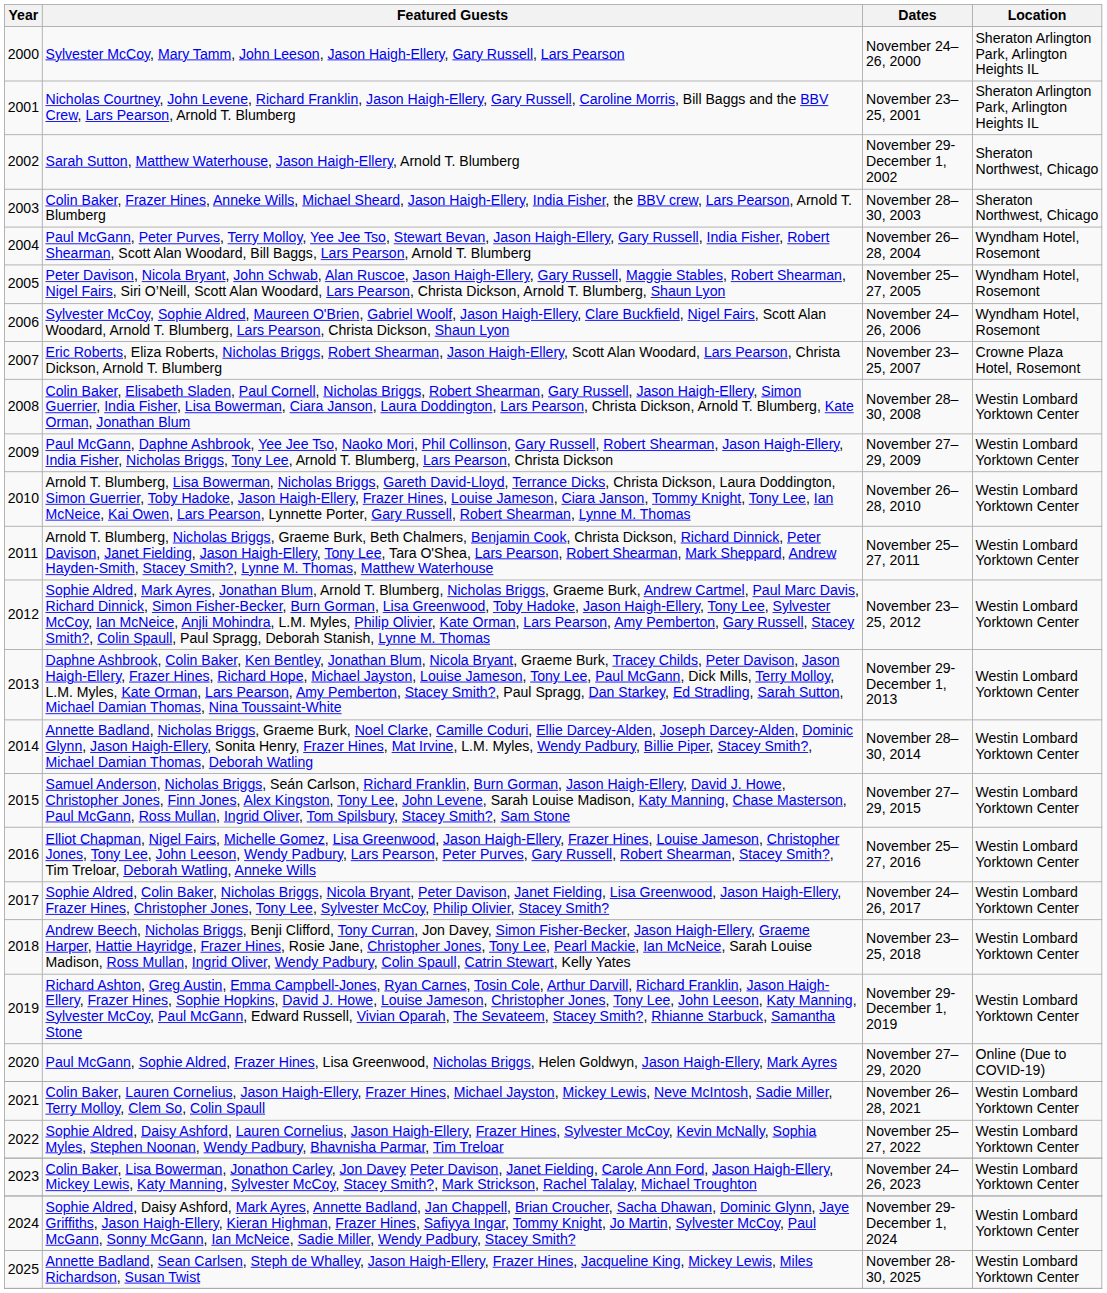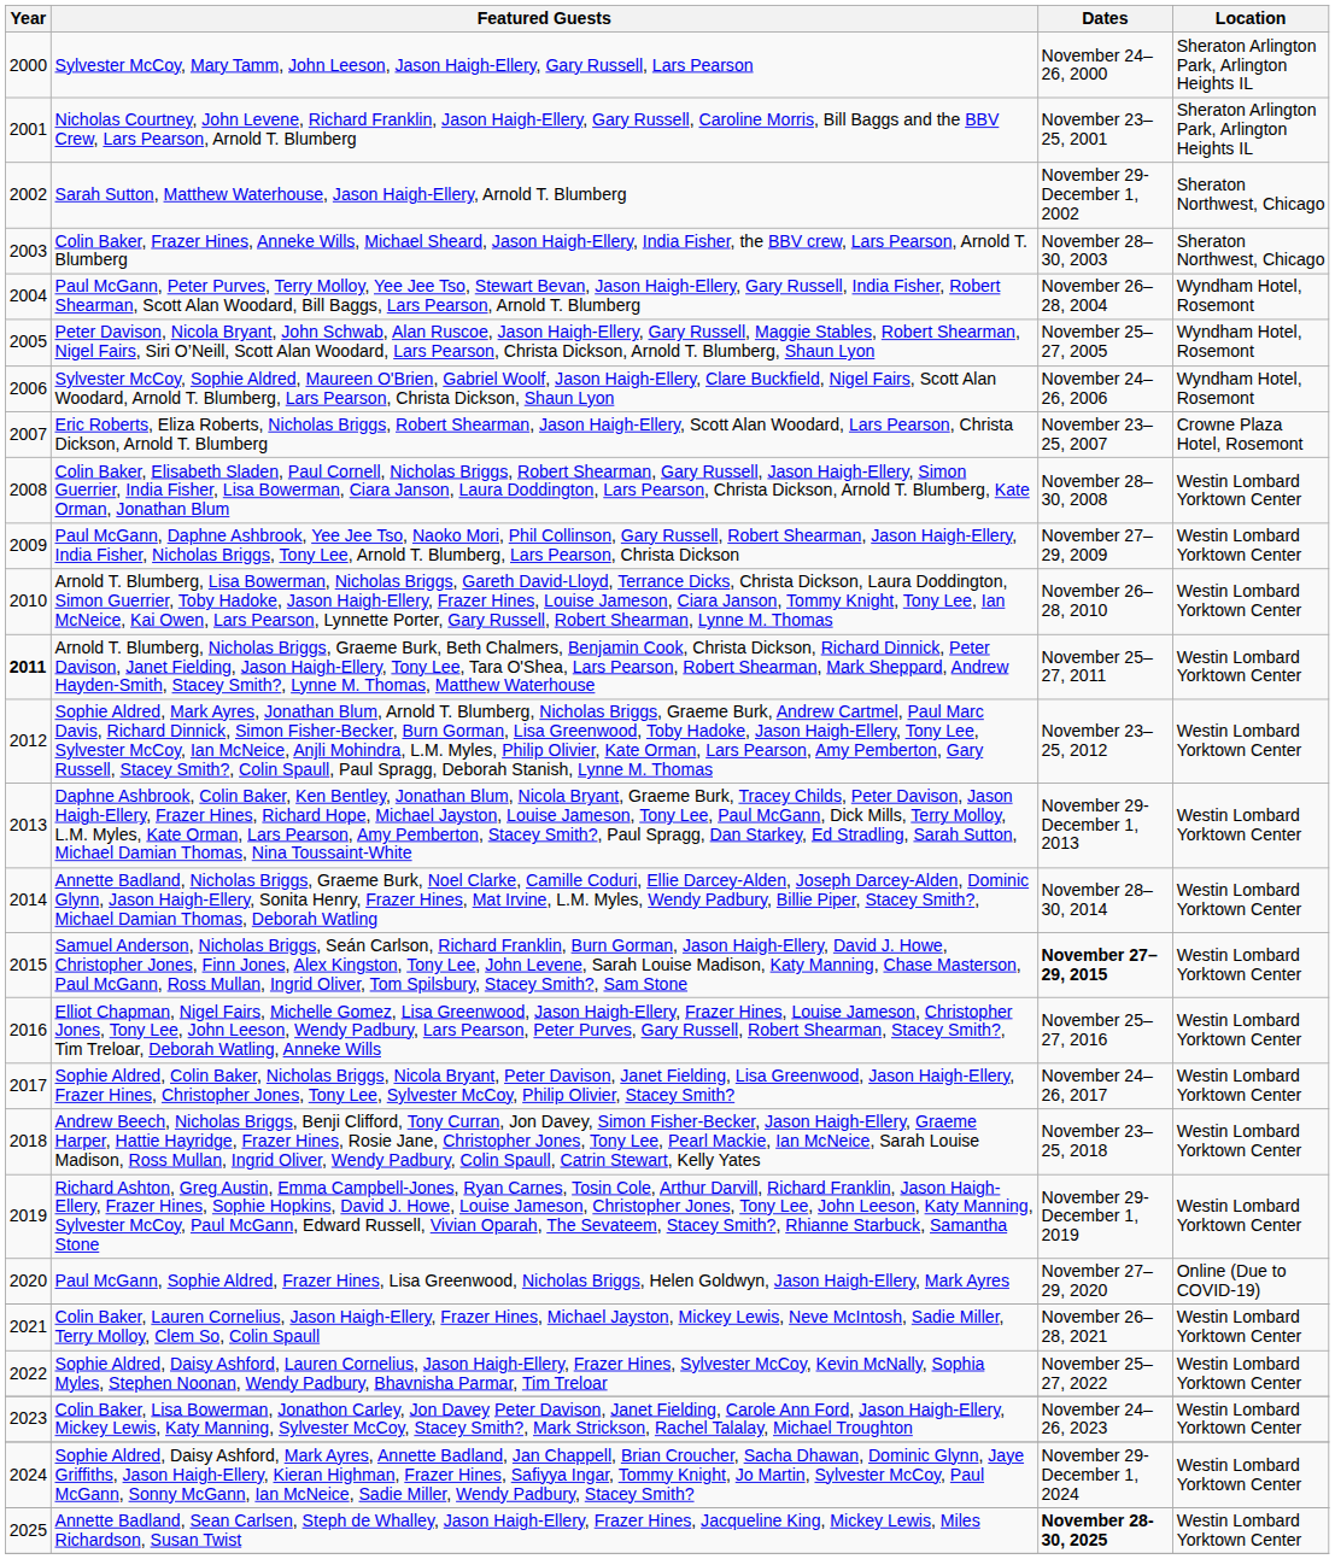 <table class="wikitable sortable">
 <tr>
 <th>Year</th>
 <th>Featured Guests</th>
 <th>Dates</th>
 <th>Location</th>
 </tr>
 <tr>
 <td>2000</td>
 <td><a href='#'>Sylvester McCoy</a>, <a href='#'>Mary Tamm</a>, <a href='#'>John Leeson</a>, <a href='#'>Jason Haigh-Ellery</a>, <a href='#'>Gary Russell</a>, <a href='#'>Lars Pearson</a></td>
 <td>November 24–26, 2000</td>
 <td>Sheraton Arlington Park, Arlington Heights IL</td>
 </tr>
 <tr>
 <td>2001</td>
 <td><a href='#'>Nicholas Courtney</a>, <a href='#'>John Levene</a>, <a href='#'>Richard Franklin</a>, <a href='#'>Jason Haigh-Ellery</a>, <a href='#'>Gary Russell</a>, <a href='#'>Caroline Morris</a>, Bill Baggs and the <a href='#'>BBV Crew</a>, <a href='#'>Lars Pearson</a>, Arnold T. Blumberg</td>
 <td>November 23–25, 2001</td>
 <td>Sheraton Arlington Park, Arlington Heights IL</td>
 </tr>
 <tr>
 <td>2002</td>
 <td><a href='#'>Sarah Sutton</a>, <a href='#'>Matthew Waterhouse</a>, <a href='#'>Jason Haigh-Ellery</a>, Arnold T. Blumberg</td>
 <td>November 29- December 1, 2002</td>
 <td>Sheraton Northwest, Chicago</td>
 </tr>
 <tr>
 <td>2003</td>
 <td><a href='#'>Colin Baker</a>, <a href='#'>Frazer Hines</a>, <a href='#'>Anneke Wills</a>, <a href='#'>Michael Sheard</a>, <a href='#'>Jason Haigh-Ellery</a>, <a href='#'>India Fisher</a>, the <a href='#'>BBV crew</a>, <a href='#'>Lars Pearson</a>, Arnold T. Blumberg</td>
 <td>November 28–30, 2003</td>
 <td>Sheraton Northwest, Chicago</td>
 </tr>
 <tr>
 <td>2004</td>
 <td><a href='#'>Paul McGann</a>, <a href='#'>Peter Purves</a>, <a href='#'>Terry Molloy</a>, <a href='#'>Yee Jee Tso</a>, <a href='#'>Stewart Bevan</a>, <a href='#'>Jason Haigh-Ellery</a>, <a href='#'>Gary Russell</a>, <a href='#'>India Fisher</a>, <a href='#'>Robert Shearman</a>, Scott Alan Woodard, Bill Baggs, <a href='#'>Lars Pearson</a>, Arnold T. Blumberg</td>
 <td>November 26–28, 2004</td>
 <td>Wyndham Hotel, Rosemont</td>
 </tr>
 <tr>
 <td>2005</td>
 <td><a href='#'>Peter Davison</a>, <a href='#'>Nicola Bryant</a>, <a href='#'>John Schwab</a>, <a href='#'>Alan Ruscoe</a>, <a href='#'>Jason Haigh-Ellery</a>, <a href='#'>Gary Russell</a>, <a href='#'>Maggie Stables</a>, <a href='#'>Robert Shearman</a>, <a href='#'>Nigel Fairs</a>, Siri O’Neill, Scott Alan Woodard, <a href='#'>Lars Pearson</a>, Christa Dickson, Arnold T. Blumberg, <a href='#'>Shaun Lyon</a></td>
 <td>November 25–27, 2005</td>
 <td>Wyndham Hotel, Rosemont</td>
 </tr>
 <tr>
 <td>2006</td>
 <td><a href='#'>Sylvester McCoy</a>, <a href='#'>Sophie Aldred</a>, <a href='#'>Maureen O'Brien</a>, <a href='#'>Gabriel Woolf</a>, <a href='#'>Jason Haigh-Ellery</a>, <a href='#'>Clare Buckfield</a>, <a href='#'>Nigel Fairs</a>, Scott Alan Woodard, Arnold T. Blumberg, <a href='#'>Lars Pearson</a>, Christa Dickson, <a href='#'>Shaun Lyon</a></td>
 <td>November 24–26, 2006</td>
 <td>Wyndham Hotel, Rosemont</td>
 </tr>
 <tr>
 <td>2007</td>
 <td><a href='#'>Eric Roberts</a>, Eliza Roberts, <a href='#'>Nicholas Briggs</a>, <a href='#'>Robert Shearman</a>, <a href='#'>Jason Haigh-Ellery</a>, Scott Alan Woodard, <a href='#'>Lars Pearson</a>, Christa Dickson, Arnold T. Blumberg</td>
 <td>November 23–25, 2007</td>
 <td>Crowne Plaza Hotel, Rosemont</td>
 </tr>
 <tr>
 <td>2008</td>
 <td><a href='#'>Colin Baker</a>, <a href='#'>Elisabeth Sladen</a>, <a href='#'>Paul Cornell</a>, <a href='#'>Nicholas Briggs</a>, <a href='#'>Robert Shearman</a>, <a href='#'>Gary Russell</a>, <a href='#'>Jason Haigh-Ellery</a>, <a href='#'>Simon Guerrier</a>, <a href='#'>India Fisher</a>, <a href='#'>Lisa Bowerman</a>, <a href='#'>Ciara Janson</a>, <a href='#'>Laura Doddington</a>, <a href='#'>Lars Pearson</a>, Christa Dickson, Arnold T. Blumberg, <a href='#'>Kate Orman</a>, <a href='#'>Jonathan Blum</a></td>
 <td>November 28–30, 2008</td>
 <td>Westin Lombard Yorktown Center</td>
 </tr>
 <tr>
 <td>2009</td>
 <td><a href='#'>Paul McGann</a>, <a href='#'>Daphne Ashbrook</a>, <a href='#'>Yee Jee Tso</a>, <a href='#'>Naoko Mori</a>, <a href='#'>Phil Collinson</a>, <a href='#'>Gary Russell</a>, <a href='#'>Robert Shearman</a>, <a href='#'>Jason Haigh-Ellery</a>, <a href='#'>India Fisher</a>, <a href='#'>Nicholas Briggs</a>, <a href='#'>Tony Lee</a>, Arnold T. Blumberg, <a href='#'>Lars Pearson</a>, Christa Dickson</td>
 <td>November 27–29, 2009</td>
 <td>Westin Lombard Yorktown Center</td>
 </tr>
 <tr>
 <td>2010</td>
 <td>Arnold T. Blumberg, <a href='#'>Lisa Bowerman</a>, <a href='#'>Nicholas Briggs</a>, <a href='#'>Gareth David-Lloyd</a>, <a href='#'>Terrance Dicks</a>, Christa Dickson, Laura Doddington, <a href='#'>Simon Guerrier</a>, <a href='#'>Toby Hadoke</a>, <a href='#'>Jason Haigh-Ellery</a>, <a href='#'>Frazer Hines</a>, <a href='#'>Louise Jameson</a>, <a href='#'>Ciara Janson</a>, <a href='#'>Tommy Knight</a>, <a href='#'>Tony Lee</a>, <a href='#'>Ian McNeice</a>, <a href='#'>Kai Owen</a>, <a href='#'>Lars Pearson</a>, Lynnette Porter, <a href='#'>Gary Russell</a>, <a href='#'>Robert Shearman</a>, <a href='#'>Lynne M. Thomas</a></td>
 <td>November 26–28, 2010</td>
 <td>Westin Lombard Yorktown Center</td>
 </tr>
 <tr>
-<td>2011</td>
+<td><strong>2011</strong></td>
 <td>Arnold T. Blumberg, <a href='#'>Nicholas Briggs</a>, Graeme Burk, Beth Chalmers, <a href='#'>Benjamin Cook</a>, Christa Dickson, <a href='#'>Richard Dinnick</a>, <a href='#'>Peter Davison</a>, <a href='#'>Janet Fielding</a>, <a href='#'>Jason Haigh-Ellery</a>, <a href='#'>Tony Lee</a>, Tara O'Shea, <a href='#'>Lars Pearson</a>, <a href='#'>Robert Shearman</a>, <a href='#'>Mark Sheppard</a>, <a href='#'>Andrew Hayden-Smith</a>, <a href='#'>Stacey Smith?</a>, <a href='#'>Lynne M. Thomas</a>, <a href='#'>Matthew Waterhouse</a></td>
 <td>November 25–27, 2011</td>
 <td>Westin Lombard Yorktown Center</td>
 </tr>
 <tr>
 <td>2012</td>
 <td><a href='#'>Sophie Aldred</a>, <a href='#'>Mark Ayres</a>, <a href='#'>Jonathan Blum</a>, Arnold T. Blumberg, <a href='#'>Nicholas Briggs</a>, Graeme Burk, <a href='#'>Andrew Cartmel</a>, <a href='#'>Paul Marc Davis</a>, <a href='#'>Richard Dinnick</a>, <a href='#'>Simon Fisher-Becker</a>, <a href='#'>Burn Gorman</a>, <a href='#'>Lisa Greenwood</a>, <a href='#'>Toby Hadoke</a>, <a href='#'>Jason Haigh-Ellery</a>, <a href='#'>Tony Lee</a>, <a href='#'>Sylvester McCoy</a>, <a href='#'>Ian McNeice</a>, <a href='#'>Anjli Mohindra</a>, L.M. Myles, <a href='#'>Philip Olivier</a>, <a href='#'>Kate Orman</a>, <a href='#'>Lars Pearson</a>, <a href='#'>Amy Pemberton</a>, <a href='#'>Gary Russell</a>, <a href='#'>Stacey Smith?</a>, <a href='#'>Colin Spaull</a>, Paul Spragg, Deborah Stanish, <a href='#'>Lynne M. Thomas</a></td>
 <td>November 23–25, 2012</td>
 <td>Westin Lombard Yorktown Center</td>
 </tr>
 <tr>
 <td>2013</td>
 <td><a href='#'>Daphne Ashbrook</a>, <a href='#'>Colin Baker</a>, <a href='#'>Ken Bentley</a>, <a href='#'>Jonathan Blum</a>, <a href='#'>Nicola Bryant</a>, Graeme Burk, <a href='#'>Tracey Childs</a>, <a href='#'>Peter Davison</a>, <a href='#'>Jason Haigh-Ellery</a>, <a href='#'>Frazer Hines</a>, <a href='#'>Richard Hope</a>, <a href='#'>Michael Jayston</a>, <a href='#'>Louise Jameson</a>, <a href='#'>Tony Lee</a>, <a href='#'>Paul McGann</a>, Dick Mills, <a href='#'>Terry Molloy</a>, L.M. Myles, <a href='#'>Kate Orman</a>, <a href='#'>Lars Pearson</a>, <a href='#'>Amy Pemberton</a>, <a href='#'>Stacey Smith?</a>, Paul Spragg, <a href='#'>Dan Starkey</a>, <a href='#'>Ed Stradling</a>, <a href='#'>Sarah Sutton</a>, <a href='#'>Michael Damian Thomas</a>, <a href='#'>Nina Toussaint-White</a></td>
 <td>November 29-December 1, 2013</td>
 <td>Westin Lombard Yorktown Center</td>
 </tr>
 <tr>
 <td>2014</td>
 <td><a href='#'>Annette Badland</a>, <a href='#'>Nicholas Briggs</a>, Graeme Burk, <a href='#'>Noel Clarke</a>, <a href='#'>Camille Coduri</a>, <a href='#'>Ellie Darcey-Alden</a>, <a href='#'>Joseph Darcey-Alden</a>, <a href='#'>Dominic Glynn</a>, <a href='#'>Jason Haigh-Ellery</a>, Sonita Henry, <a href='#'>Frazer Hines</a>, <a href='#'>Mat Irvine</a>, L.M. Myles, <a href='#'>Wendy Padbury</a>, <a href='#'>Billie Piper</a>, <a href='#'>Stacey Smith?</a>, <a href='#'>Michael Damian Thomas</a>, <a href='#'>Deborah Watling</a></td>
 <td>November 28–30, 2014</td>
 <td>Westin Lombard Yorktown Center</td>
 </tr>
 <tr>
 <td>2015</td>
 <td><a href='#'>Samuel Anderson</a>, <a href='#'>Nicholas Briggs</a>, Seán Carlson, <a href='#'>Richard Franklin</a>, <a href='#'>Burn Gorman</a>, <a href='#'>Jason Haigh-Ellery</a>, <a href='#'>David J. Howe</a>, <a href='#'>Christopher Jones</a>, <a href='#'>Finn Jones</a>, <a href='#'>Alex Kingston</a>, <a href='#'>Tony Lee</a>, <a href='#'>John Levene</a>, Sarah Louise Madison, <a href='#'>Katy Manning</a>, <a href='#'>Chase Masterson</a>, <a href='#'>Paul McGann</a>, <a href='#'>Ross Mullan</a>, <a href='#'>Ingrid Oliver</a>, <a href='#'>Tom Spilsbury</a>, <a href='#'>Stacey Smith?</a>, <a href='#'>Sam Stone</a></td>
-<td>November 27–29, 2015</td>
+<td><strong>November 27–29, 2015</strong></td>
 <td>Westin Lombard Yorktown Center</td>
 </tr>
 <tr>
 <td>2016</td>
 <td><a href='#'>Elliot Chapman</a>, <a href='#'>Nigel Fairs</a>, <a href='#'>Michelle Gomez</a>, <a href='#'>Lisa Greenwood</a>, <a href='#'>Jason Haigh-Ellery</a>, <a href='#'>Frazer Hines</a>, <a href='#'>Louise Jameson</a>, <a href='#'>Christopher Jones</a>, <a href='#'>Tony Lee</a>, <a href='#'>John Leeson</a>, <a href='#'>Wendy Padbury</a>, <a href='#'>Lars Pearson</a>, <a href='#'>Peter Purves</a>, <a href='#'>Gary Russell</a>, <a href='#'>Robert Shearman</a>, <a href='#'>Stacey Smith?</a>, Tim Treloar, <a href='#'>Deborah Watling</a>, <a href='#'>Anneke Wills</a></td>
 <td>November 25–27, 2016</td>
 <td>Westin Lombard Yorktown Center</td>
 </tr>
 <tr>
 <td>2017</td>
 <td><a href='#'>Sophie Aldred</a>, <a href='#'>Colin Baker</a>, <a href='#'>Nicholas Briggs</a>, <a href='#'>Nicola Bryant</a>, <a href='#'>Peter Davison</a>, <a href='#'>Janet Fielding</a>, <a href='#'>Lisa Greenwood</a>, <a href='#'>Jason Haigh-Ellery</a>, <a href='#'>Frazer Hines</a>, <a href='#'>Christopher Jones</a>, <a href='#'>Tony Lee</a>, <a href='#'>Sylvester McCoy</a>, <a href='#'>Philip Olivier</a>, <a href='#'>Stacey Smith?</a></td>
 <td>November 24–26, 2017</td>
 <td>Westin Lombard Yorktown Center</td>
 </tr>
 <tr>
 <td>2018</td>
 <td><a href='#'>Andrew Beech</a>, <a href='#'>Nicholas Briggs</a>, Benji Clifford, <a href='#'>Tony Curran</a>, Jon Davey, <a href='#'>Simon Fisher-Becker</a>, <a href='#'>Jason Haigh-Ellery</a>, <a href='#'>Graeme Harper</a>, <a href='#'>Hattie Hayridge</a>, <a href='#'>Frazer Hines</a>, Rosie Jane, <a href='#'>Christopher Jones</a>, <a href='#'>Tony Lee</a>, <a href='#'>Pearl Mackie</a>, <a href='#'>Ian McNeice</a>, Sarah Louise Madison, <a href='#'>Ross Mullan</a>, <a href='#'>Ingrid Oliver</a>, <a href='#'>Wendy Padbury</a>, <a href='#'>Colin Spaull</a>, <a href='#'>Catrin Stewart</a>, Kelly Yates</td>
 <td>November 23–25, 2018</td>
 <td>Westin Lombard Yorktown Center</td>
 </tr>
 <tr>
 <td>2019</td>
 <td><a href='#'>Richard Ashton</a>, <a href='#'>Greg Austin</a>, <a href='#'>Emma Campbell-Jones</a>, <a href='#'>Ryan Carnes</a>, <a href='#'>Tosin Cole</a>, <a href='#'>Arthur Darvill</a>, <a href='#'>Richard Franklin</a>, <a href='#'>Jason Haigh-Ellery</a>, <a href='#'>Frazer Hines</a>, <a href='#'>Sophie Hopkins</a>, <a href='#'>David J. Howe</a>, <a href='#'>Louise Jameson</a>, <a href='#'>Christopher Jones</a>, <a href='#'>Tony Lee</a>, <a href='#'>John Leeson</a>, <a href='#'>Katy Manning</a>, <a href='#'>Sylvester McCoy</a>, <a href='#'>Paul McGann</a>, Edward Russell, <a href='#'>Vivian Oparah</a>, <a href='#'>The Sevateem</a>, <a href='#'>Stacey Smith?</a>, <a href='#'>Rhianne Starbuck</a>, <a href='#'>Samantha Stone</a></td>
 <td>November 29-December 1, 2019</td>
 <td>Westin Lombard Yorktown Center</td>
 </tr>
 <tr>
 <td>2020</td>
 <td><a href='#'>Paul McGann</a>, <a href='#'>Sophie Aldred</a>, <a href='#'>Frazer Hines</a>, Lisa Greenwood, <a href='#'>Nicholas Briggs</a>, Helen Goldwyn, <a href='#'>Jason Haigh-Ellery</a>,  <a href='#'>Mark Ayres</a></td>
 <td>November 27–29, 2020</td>
 <td>Online (Due to COVID-19)</td>
 </tr>
 <tr>
 </tr>
 <tr>
 <td>2021</td>
 <td><a href='#'>Colin Baker</a>, <a href='#'>Lauren Cornelius</a>, <a href='#'>Jason Haigh-Ellery</a>, <a href='#'>Frazer Hines</a>, <a href='#'>Michael Jayston</a>, <a href='#'>Mickey Lewis</a>, <a href='#'>Neve McIntosh</a>, <a href='#'>Sadie Miller</a>, <a href='#'>Terry Molloy</a>, <a href='#'>Clem So</a>, <a href='#'>Colin Spaull</a></td>
 <td>November 26–28, 2021</td>
 <td>Westin Lombard Yorktown Center</td>
 </tr>
 <tr>
 <td>2022</td>
 <td><a href='#'>Sophie Aldred</a>, <a href='#'>Daisy Ashford</a>, <a href='#'>Lauren Cornelius</a>, <a href='#'>Jason Haigh-Ellery</a>, <a href='#'>Frazer Hines</a>, <a href='#'>Sylvester McCoy</a>, <a href='#'>Kevin McNally</a>, <a href='#'>Sophia Myles</a>, <a href='#'>Stephen Noonan</a>, <a href='#'>Wendy Padbury</a>, <a href='#'>Bhavnisha Parmar</a>,  <a href='#'>Tim Treloar</a></td>
 <td>November 25–27, 2022</td>
 <td>Westin Lombard Yorktown Center</td>
 </tr>
 <tr>
 </tr>
 <tr>
 <td>2023</td>
 <td><a href='#'>Colin Baker</a>, <a href='#'>Lisa Bowerman</a>, <a href='#'>Jonathon Carley</a>, <a href='#'>Jon Davey</a> <a href='#'>Peter Davison</a>, <a href='#'>Janet Fielding</a>, <a href='#'>Carole Ann Ford</a>, <a href='#'>Jason Haigh-Ellery</a>, <a href='#'>Mickey Lewis</a>, <a href='#'>Katy Manning</a>, <a href='#'>Sylvester McCoy</a>, <a href='#'>Stacey Smith?</a>, <a href='#'>Mark Strickson</a>, <a href='#'>Rachel Talalay</a>, <a href='#'>Michael Troughton</a></td>
 <td>November 24–26, 2023</td>
 <td>Westin Lombard Yorktown Center</td>
 </tr>
 <tr>
 </tr>
 <tr>
 <td>2024</td>
 <td><a href='#'>Sophie Aldred</a>, Daisy Ashford, <a href='#'>Mark Ayres</a>, <a href='#'>Annette Badland</a>, <a href='#'>Jan Chappell</a>, <a href='#'>Brian Croucher</a>, <a href='#'>Sacha Dhawan</a>, <a href='#'>Dominic Glynn</a>, <a href='#'>Jaye Griffiths</a>, <a href='#'>Jason Haigh-Ellery</a>, <a href='#'>Kieran Highman</a>, <a href='#'>Frazer Hines</a>, <a href='#'>Safiyya Ingar</a>, <a href='#'>Tommy Knight</a>, <a href='#'>Jo Martin</a>, <a href='#'>Sylvester McCoy</a>, <a href='#'>Paul McGann</a>, <a href='#'>Sonny McGann</a>, <a href='#'>Ian McNeice</a>, <a href='#'>Sadie Miller</a>, <a href='#'>Wendy Padbury</a>, <a href='#'>Stacey Smith?</a></td>
 <td>November 29-December 1, 2024</td>
 <td>Westin Lombard Yorktown Center</td>
 </tr>
 <tr>
 </tr>
 <tr>
 <td>2025</td>
 <td><a href='#'>Annette Badland</a>, <a href='#'>Sean Carlsen</a>, <a href='#'>Steph de Whalley</a>, <a href='#'>Jason Haigh-Ellery</a>, <a href='#'>Frazer Hines</a>, <a href='#'>Jacqueline King</a>, <a href='#'>Mickey Lewis</a>, <a href='#'>Miles Richardson</a>, <a href='#'>Susan Twist</a></td>
-<td>November 28-30, 2025</td>
+<td><strong>November 28-30, 2025</strong></td>
 <td>Westin Lombard Yorktown Center</td>
 </tr>
 <tr>
 </tr>
 </table>
